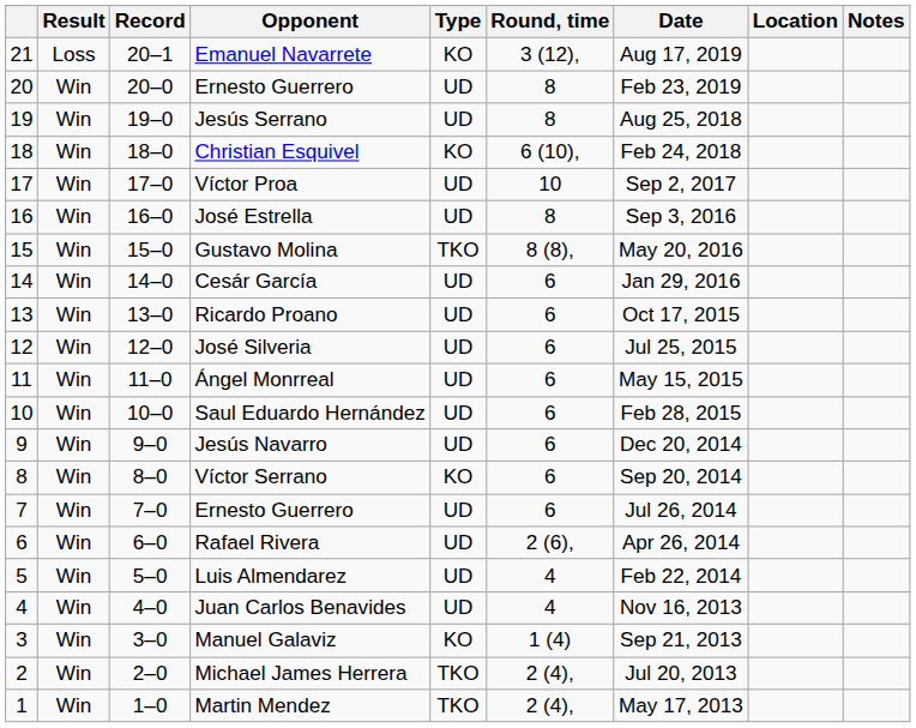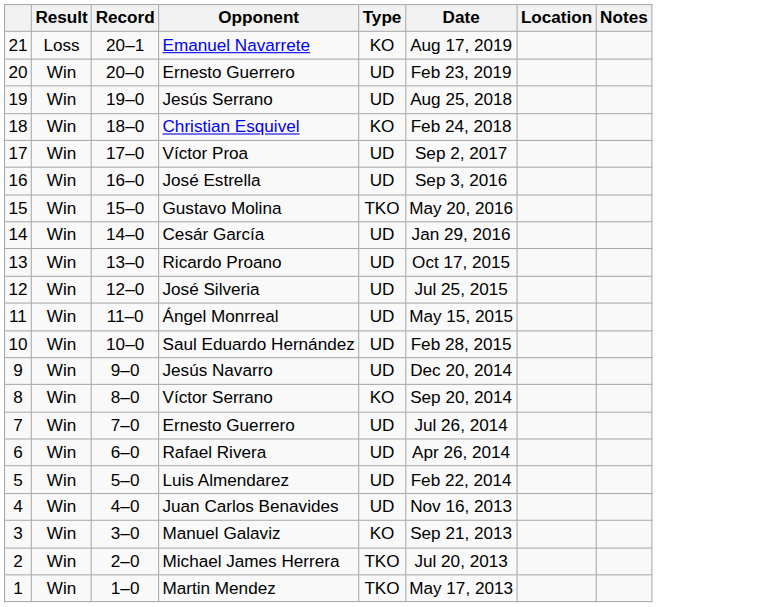 <table class="wikitable" style="text-align:center">
 <tr>
 <th></th>
 <th>Result</th>
 <th>Record</th>
 <th>Opponent</th>
 <th>Type</th>
-<th>Round, time</th>
 <th>Date</th>
 <th>Location</th>
 <th>Notes</th>
 </tr>
 <tr>
 <td>21</td>
 <td>Loss</td>
 <td>20–1</td>
 <td style="text-align:left;"><a href='#'>Emanuel Navarrete</a></td>
 <td>KO</td>
-<td>3 (12), </td>
 <td>Aug 17, 2019</td>
 <td style="text-align:left;"></td>
 <td style="text-align:left;"></td>
 </tr>
 <tr>
 <td>20</td>
 <td>Win</td>
 <td>20–0</td>
 <td style="text-align:left;">Ernesto Guerrero</td>
 <td>UD</td>
-<td>8</td>
 <td>Feb 23, 2019</td>
 <td style="text-align:left;"></td>
 <td></td>
 </tr>
 <tr>
 <td>19</td>
 <td>Win</td>
 <td>19–0</td>
 <td style="text-align:left;">Jesús Serrano</td>
 <td>UD</td>
-<td>8</td>
 <td>Aug 25, 2018</td>
 <td style="text-align:left;"></td>
 <td></td>
 </tr>
 <tr>
 <td>18</td>
 <td>Win</td>
 <td>18–0</td>
 <td style="text-align:left;"><a href='#'>Christian Esquivel</a></td>
 <td>KO</td>
-<td>6 (10), </td>
 <td>Feb 24, 2018</td>
 <td style="text-align:left;"></td>
 <td></td>
 </tr>
 <tr>
 <td>17</td>
 <td>Win</td>
 <td>17–0</td>
 <td style="text-align:left;">Víctor Proa</td>
 <td>UD</td>
-<td>10</td>
 <td>Sep 2, 2017</td>
 <td style="text-align:left;"></td>
 <td></td>
 </tr>
 <tr>
 <td>16</td>
 <td>Win</td>
 <td>16–0</td>
 <td style="text-align:left;">José Estrella</td>
 <td>UD</td>
-<td>8</td>
 <td>Sep 3, 2016</td>
 <td style="text-align:left;"></td>
 <td></td>
 </tr>
 <tr>
 <td>15</td>
 <td>Win</td>
 <td>15–0</td>
 <td style="text-align:left;">Gustavo Molina</td>
 <td>TKO</td>
-<td>8 (8), </td>
 <td>May 20, 2016</td>
 <td style="text-align:left;"></td>
 <td style="text-align:left;"></td>
 </tr>
 <tr>
 <td>14</td>
 <td>Win</td>
 <td>14–0</td>
 <td style="text-align:left;">Cesár García</td>
 <td>UD</td>
-<td>6</td>
 <td>Jan 29, 2016</td>
 <td style="text-align:left;"></td>
 <td></td>
 </tr>
 <tr>
 <td>13</td>
 <td>Win</td>
 <td>13–0</td>
 <td style="text-align:left;">Ricardo Proano</td>
 <td>UD</td>
-<td>6</td>
 <td>Oct 17, 2015</td>
 <td style="text-align:left;"></td>
 <td></td>
 </tr>
 <tr>
 <td>12</td>
 <td>Win</td>
 <td>12–0</td>
 <td style="text-align:left;">José Silveria</td>
 <td>UD</td>
-<td>6</td>
 <td>Jul 25, 2015</td>
 <td style="text-align:left;"></td>
 <td></td>
 </tr>
 <tr>
 <td>11</td>
 <td>Win</td>
 <td>11–0</td>
 <td style="text-align:left;">Ángel Monrreal</td>
 <td>UD</td>
-<td>6</td>
 <td>May 15, 2015</td>
 <td style="text-align:left;"></td>
 <td></td>
 </tr>
 <tr>
 <td>10</td>
 <td>Win</td>
 <td>10–0</td>
 <td style="text-align:left;">Saul Eduardo Hernández</td>
 <td>UD</td>
-<td>6</td>
 <td>Feb 28, 2015</td>
 <td style="text-align:left;"></td>
 <td></td>
 </tr>
 <tr>
 <td>9</td>
 <td>Win</td>
 <td>9–0</td>
 <td style="text-align:left;">Jesús Navarro</td>
 <td>UD</td>
-<td>6</td>
 <td>Dec 20, 2014</td>
 <td style="text-align:left;"></td>
 <td></td>
 </tr>
 <tr>
 <td>8</td>
 <td>Win</td>
 <td>8–0</td>
 <td style="text-align:left;">Víctor Serrano</td>
 <td>KO</td>
-<td>6</td>
 <td>Sep 20, 2014</td>
 <td style="text-align:left;"></td>
 <td></td>
 </tr>
 <tr>
 <td>7</td>
 <td>Win</td>
 <td>7–0</td>
 <td style="text-align:left;">Ernesto Guerrero</td>
 <td>UD</td>
-<td>6</td>
 <td>Jul 26, 2014</td>
 <td style="text-align:left;"></td>
 <td></td>
 </tr>
 <tr>
 <td>6</td>
 <td>Win</td>
 <td>6–0</td>
 <td style="text-align:left;">Rafael Rivera</td>
 <td>UD</td>
-<td>2 (6), </td>
 <td>Apr 26, 2014</td>
 <td style="text-align:left;"></td>
 <td></td>
 </tr>
 <tr>
 <td>5</td>
 <td>Win</td>
 <td>5–0</td>
 <td style="text-align:left;">Luis Almendarez</td>
 <td>UD</td>
-<td>4</td>
 <td>Feb 22, 2014</td>
 <td style="text-align:left;"></td>
 <td></td>
 </tr>
 <tr>
 <td>4</td>
 <td>Win</td>
 <td>4–0</td>
 <td style="text-align:left;">Juan Carlos Benavides</td>
 <td>UD</td>
-<td>4</td>
 <td>Nov 16, 2013</td>
 <td style="text-align:left;"></td>
 <td></td>
 </tr>
 <tr>
 <td>3</td>
 <td>Win</td>
 <td>3–0</td>
 <td style="text-align:left;">Manuel Galaviz</td>
 <td>KO</td>
-<td>1 (4)</td>
 <td>Sep 21, 2013</td>
 <td style="text-align:left;"></td>
 <td></td>
 </tr>
 <tr>
 <td>2</td>
 <td>Win</td>
 <td>2–0</td>
 <td style="text-align:left;">Michael James Herrera</td>
 <td>TKO</td>
-<td>2 (4), </td>
 <td>Jul 20, 2013</td>
 <td style="text-align:left;"></td>
 <td></td>
 </tr>
 <tr>
 <td>1</td>
 <td>Win</td>
 <td>1–0</td>
 <td style="text-align:left;">Martin Mendez</td>
 <td>TKO</td>
-<td>2 (4), </td>
 <td>May 17, 2013</td>
 <td style="text-align:left;"></td>
 <td></td>
 </tr>
 </table>
